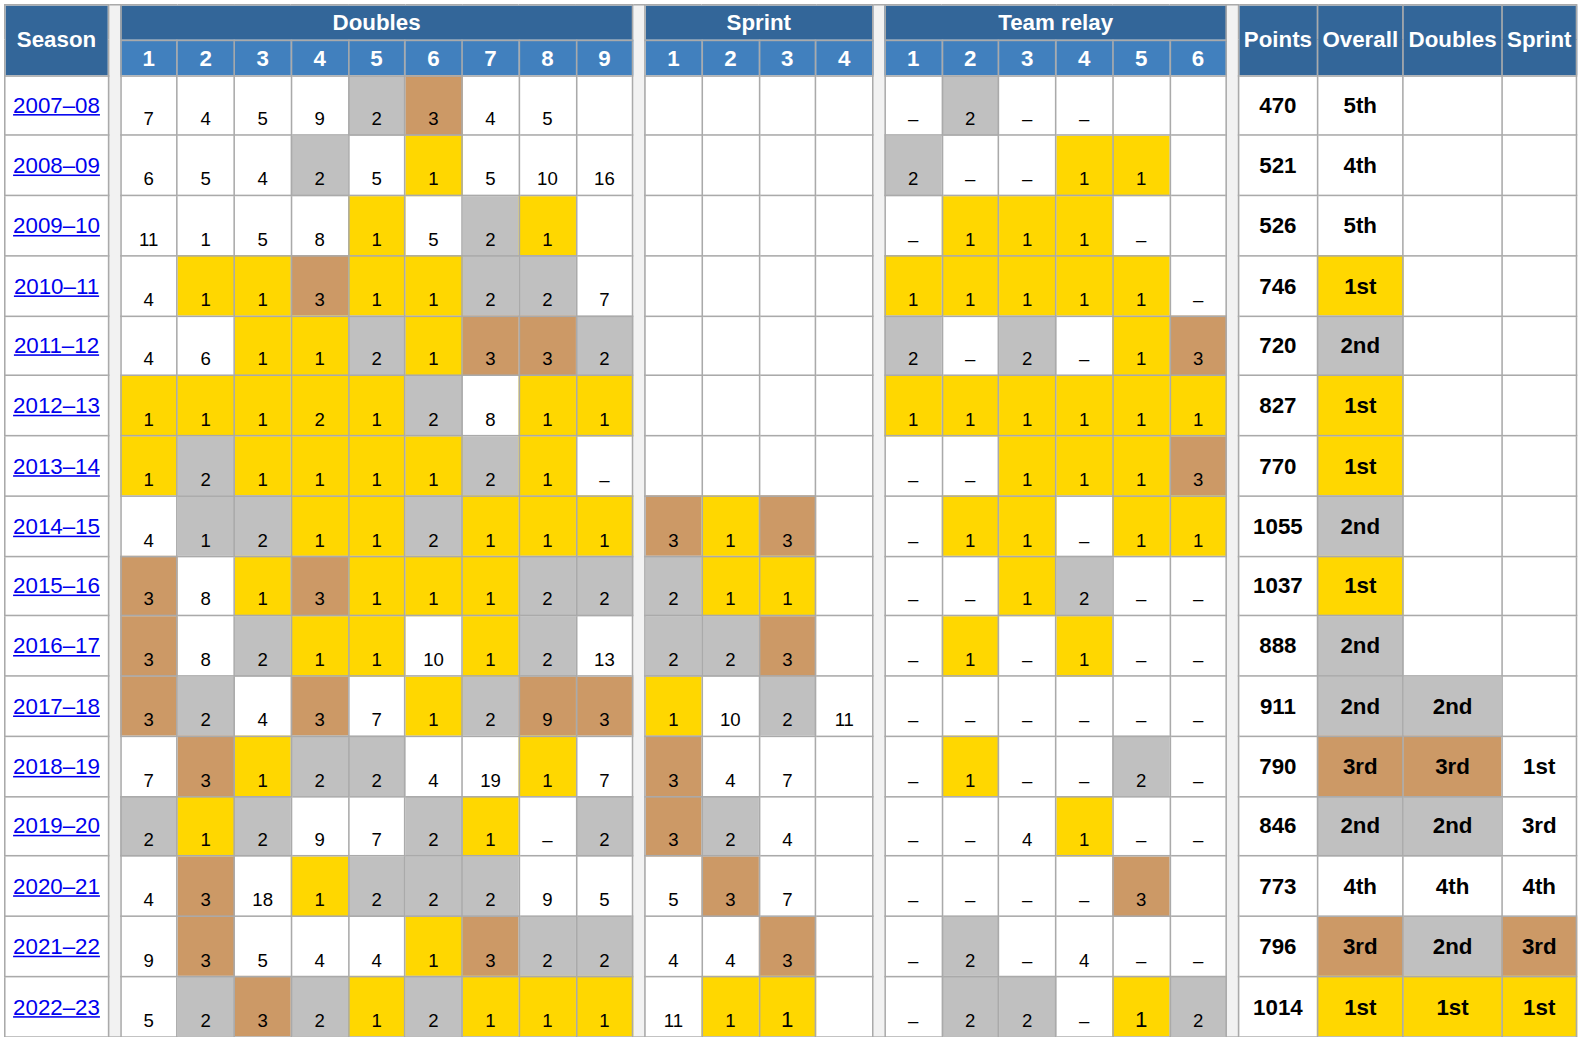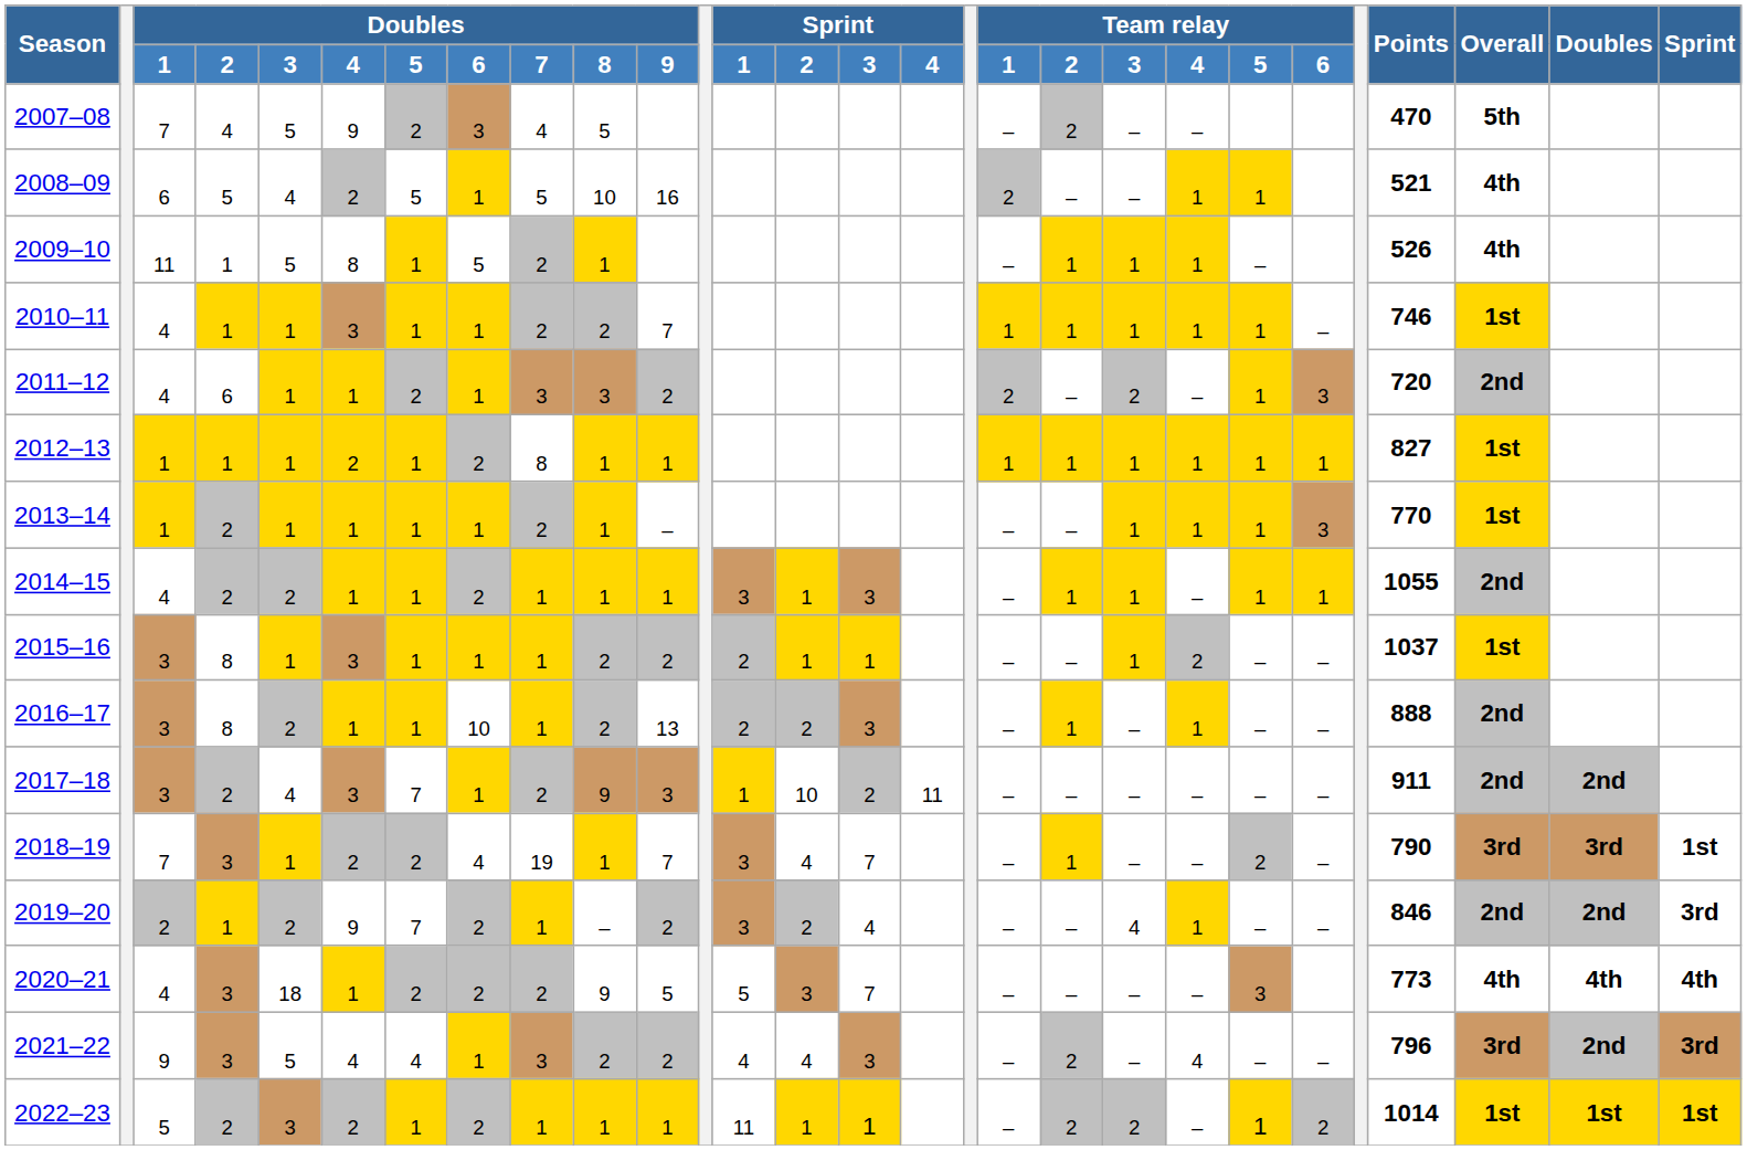 <table class="wikitable" style="font-size:90%; text-align:center; border:grey solid 1px; border-collapse:collapse; background:#ffffff;">
 <tr>
 <th rowspan="2" style="background-color:#369; color:white; width:60px">Season</th>
 <th rowspan="20" width="1px"></th>
 <th colspan="9" style="background-color:#369; color:white;">Doubles</th>
 <th rowspan="20" width="1px"></th>
 <th colspan="4" style="background-color:#369; color:white;">Sprint</th>
 <th rowspan="20" width="1px"></th>
 <th colspan="6" style="background-color:#369; color:white;">Team relay</th>
 <th rowspan="20" width="1px"></th>
 <th rowspan="2" style="background-color:#369; color:white; width:40px">Points</th>
 <th rowspan="2" style="background-color:#369; color:white; width:40px">Overall</th>
 <th rowspan="2" style="background-color:#369; color:white; width:40px">Doubles</th>
 <th rowspan="2" style="background-color:#369; color:white; width:40px">Sprint</th>
 </tr>
 <tr>
 <th style="background-color:#4180be; color:white; width:30px">1</th>
 <th style="background-color:#4180be; color:white; width:30px">2</th>
 <th style="background-color:#4180be; color:white; width:30px">3</th>
 <th style="background-color:#4180be; color:white; width:30px">4</th>
 <th style="background-color:#4180be; color:white; width:30px">5</th>
 <th style="background-color:#4180be; color:white; width:30px">6</th>
 <th style="background-color:#4180be; color:white; width:30px">7</th>
 <th style="background-color:#4180be; color:white; width:30px">8</th>
 <th style="background-color:#4180be; color:white; width:30px">9</th>
 <th style="background-color:#4180be; color:white; width:30px">1</th>
 <th style="background-color:#4180be; color:white; width:30px">2</th>
 <th style="background-color:#4180be; color:white; width:30px">3</th>
 <th style="background-color:#4180be; color:white; width:30px">4</th>
 <th style="background-color:#4180be; color:white; width:30px">1</th>
 <th style="background-color:#4180be; color:white; width:30px">2</th>
 <th style="background-color:#4180be; color:white; width:30px">3</th>
 <th style="background-color:#4180be; color:white; width:30px">4</th>
 <th style="background-color:#4180be; color:white; width:30px">5</th>
 <th style="background-color:#4180be; color:white; width:30px">6</th>
 </tr>
 <tr>
 <td><a href='#'>2007–08</a></td>
 <td><br><small>7</small></td>
 <td><br><small>4</small></td>
 <td><br><small>5</small></td>
 <td><br><small>9</small></td>
 <td style="background:silver;"><br><small>2</small></td>
 <td style="background:#cc9966;"><br><small>3</small></td>
 <td><br><small>4</small></td>
 <td><br><small>5</small></td>
 <td></td>
 <td></td>
 <td></td>
 <td></td>
 <td></td>
 <td><br><small>–</small></td>
 <td style="background:silver;"><br><small>2</small></td>
 <td><br><small>–</small></td>
 <td><br><small>–</small></td>
 <td></td>
 <td></td>
 <td><strong>470</strong></td>
 <td><strong>5th</strong></td>
 <td></td>
 <td></td>
 </tr>
 <tr>
 <td><a href='#'>2008–09</a></td>
 <td><br><small>6</small></td>
 <td><br><small>5</small></td>
 <td><br><small>4</small></td>
 <td style="background:silver;"><br><small>2</small></td>
 <td><br><small>5</small></td>
 <td style="background:gold;"><br><small>1</small></td>
 <td><br><small>5</small></td>
 <td><br><small>10</small></td>
 <td><br><small>16</small></td>
 <td></td>
 <td></td>
 <td></td>
 <td></td>
 <td style="background:silver;"><br><small>2</small></td>
 <td><br><small>–</small></td>
 <td><br><small>–</small></td>
 <td style="background:gold;"><br><small>1</small></td>
 <td style="background:gold;"><br><small>1</small></td>
 <td></td>
 <td><strong>521</strong></td>
 <td><strong>4th</strong></td>
 <td></td>
 <td></td>
 </tr>
 <tr>
 <td><a href='#'>2009–10</a></td>
 <td><br><small>11</small></td>
 <td><br><small>1</small></td>
 <td><br><small>5</small></td>
 <td><br><small>8</small></td>
 <td style="background:gold;"><br><small>1</small></td>
 <td><br><small>5</small></td>
 <td style="background:silver;"><br><small>2</small></td>
 <td style="background:gold;"><br><small>1</small></td>
 <td></td>
 <td></td>
 <td></td>
 <td></td>
 <td></td>
 <td><br><small>–</small></td>
 <td style="background:gold;"><br><small>1</small></td>
 <td style="background:gold;"><br><small>1</small></td>
 <td style="background:gold;"><br><small>1</small></td>
 <td><br><small>–</small></td>
 <td></td>
 <td><strong>526</strong></td>
-<td><strong>5th</strong></td>
+<td><strong>4th</strong></td>
 <td></td>
 <td></td>
 </tr>
 <tr>
 <td><a href='#'>2010–11</a></td>
 <td><br><small>4</small></td>
 <td style="background:gold;"><br><small>1</small></td>
 <td style="background:gold;"><br><small>1</small></td>
 <td style="background:#cc9966;"><br><small>3</small></td>
 <td style="background:gold;"><br><small>1</small></td>
 <td style="background:gold;"><br><small>1</small></td>
 <td style="background:silver;"><br><small>2</small></td>
 <td style="background:silver;"><br><small>2</small></td>
 <td><br><small>7</small></td>
 <td></td>
 <td></td>
 <td></td>
 <td></td>
 <td style="background:gold;"><br><small>1</small></td>
 <td style="background:gold;"><br><small>1</small></td>
 <td style="background:gold;"><br><small>1</small></td>
 <td style="background:gold;"><br><small>1</small></td>
 <td style="background:gold;"><br><small>1</small></td>
 <td><br><small>–</small></td>
 <td><strong>746</strong></td>
 <td style="background:gold;"><strong>1st</strong></td>
 <td></td>
 <td></td>
 </tr>
 <tr>
 <td><a href='#'>2011–12</a></td>
 <td><br><small>4</small></td>
 <td><br><small>6</small></td>
 <td style="background:gold;"><br><small>1</small></td>
 <td style="background:gold;"><br><small>1</small></td>
 <td style="background:silver;"><br><small>2</small></td>
 <td style="background:gold;"><br><small>1</small></td>
 <td style="background:#cc9966;"><br><small>3</small></td>
 <td style="background:#cc9966;"><br><small>3</small></td>
 <td style="background:silver;"><br><small>2</small></td>
 <td></td>
 <td></td>
 <td></td>
 <td></td>
 <td style="background:silver;"><br><small>2</small></td>
 <td><br><small>–</small></td>
 <td style="background:silver;"><br><small>2</small></td>
 <td><br><small>–</small></td>
 <td style="background:gold;"><br><small>1</small></td>
 <td style="background:#CC9966;"><br><small>3</small></td>
 <td><strong>720</strong></td>
 <td style="background:silver;"><strong>2nd</strong></td>
 <td></td>
 <td></td>
 </tr>
 <tr>
 <td><a href='#'>2012–13</a></td>
 <td style="background:gold;"><br><small>1</small></td>
 <td style="background:gold;"><br><small>1</small></td>
 <td style="background:gold;"><br><small>1</small></td>
 <td style="background:gold;"><br><small>2</small></td>
 <td style="background:gold;"><br><small>1</small></td>
 <td style="background:silver;"><br><small>2</small></td>
 <td><br><small>8</small></td>
 <td style="background:gold;"><br><small>1</small></td>
 <td style="background:gold;"><br><small>1</small></td>
 <td></td>
 <td></td>
 <td></td>
 <td></td>
 <td style="background:gold;"><br><small>1</small></td>
 <td style="background:gold;"><br><small>1</small></td>
 <td style="background:gold;"><br><small>1</small></td>
 <td style="background:gold;"><br><small>1</small></td>
 <td style="background:gold;"><br><small>1</small></td>
 <td style="background:gold;"><br><small>1</small></td>
 <td><strong>827</strong></td>
 <td style="background:gold;"><strong>1st</strong></td>
 <td></td>
 <td></td>
 </tr>
 <tr>
 <td><a href='#'>2013–14</a></td>
 <td style="background:gold;"><br><small>1</small></td>
 <td style="background:silver;"><br><small>2</small></td>
 <td style="background:gold;"><br><small>1</small></td>
 <td style="background:gold;"><br><small>1</small></td>
 <td style="background:gold;"><br><small>1</small></td>
 <td style="background:gold;"><br><small>1</small></td>
 <td style="background:silver;"><br><small>2</small></td>
 <td style="background:gold;"><br><small>1</small></td>
 <td><br><small>–</small></td>
 <td></td>
 <td></td>
 <td></td>
 <td></td>
 <td><br><small>–</small></td>
 <td><br><small>–</small></td>
 <td style="background:gold;"><br><small>1</small></td>
 <td style="background:gold;"><br><small>1</small></td>
 <td style="background:gold;"><br><small>1</small></td>
 <td style="background:#CC9966;"><br><small>3</small></td>
 <td><strong>770</strong></td>
 <td style="background:gold;"><strong>1st</strong></td>
 <td></td>
 <td></td>
 </tr>
 <tr>
 <td><a href='#'>2014–15</a></td>
 <td><br><small>4</small></td>
-<td style="background:silver;"><br><small>1</small></td>
+<td style="background:silver;"><br><small>2</small></td>
 <td style="background:silver;"><br><small>2</small></td>
 <td style="background:gold;"><br><small>1</small></td>
 <td style="background:gold;"><br><small>1</small></td>
 <td style="background:silver;"><br><small>2</small></td>
 <td style="background:gold;"><br><small>1</small></td>
 <td style="background:gold;"><br><small>1</small></td>
 <td style="background:gold;"><br><small>1</small></td>
 <td style="background:#CC9966;"><br><small>3</small></td>
 <td style="background:gold;"><br><small>1</small></td>
 <td style="background:#CC9966;"><br><small>3</small></td>
 <td></td>
 <td><br><small>–</small></td>
 <td style="background:gold;"><br><small>1</small></td>
 <td style="background:gold;"><br><small>1</small></td>
 <td><br><small>–</small></td>
 <td style="background:gold;"><br><small>1</small></td>
 <td style="background:gold;"><br><small>1</small></td>
 <td><strong>1055</strong></td>
 <td style="background:silver;"><strong>2nd</strong></td>
 <td></td>
 <td></td>
 </tr>
 <tr>
 <td><a href='#'>2015–16</a></td>
 <td style="background:#CC9966;"><br><small>3</small></td>
 <td><br><small>8</small></td>
 <td style="background:gold;"><br><small>1</small></td>
 <td style="background:#CC9966"><br><small>3</small></td>
 <td style="background:gold;"><br><small>1</small></td>
 <td style="background:gold;"><br><small>1</small></td>
 <td style="background:gold;"><br><small>1</small></td>
 <td style="background:silver;"><br><small>2</small></td>
 <td style="background:silver;"><br><small>2</small></td>
 <td style="background:silver;"><br><small>2</small></td>
 <td style="background:gold;"><br><small>1</small></td>
 <td style="background:gold;"><br><small>1</small></td>
 <td></td>
 <td><br><small>–</small></td>
 <td><br><small>–</small></td>
 <td style="background:gold;"><br><small>1</small></td>
 <td style="background:silver;"><br><small>2</small></td>
 <td><br><small>–</small></td>
 <td><br><small>–</small></td>
 <td><strong>1037</strong></td>
 <td style="background:gold;"><strong>1st</strong></td>
 <td></td>
 <td></td>
 </tr>
 <tr>
 <td><a href='#'>2016–17</a></td>
 <td style="background:#CC9966;"><br><small>3</small></td>
 <td><br><small>8</small></td>
 <td style="background:silver;"><br><small>2</small></td>
 <td style="background:gold;"><br><small>1</small></td>
 <td style="background:gold;"><br><small>1</small></td>
 <td><br><small>10</small></td>
 <td style="background:gold;"><br><small>1</small></td>
 <td style="background:silver;"><br><small>2</small></td>
 <td><br><small>13</small></td>
 <td style="background:silver;"><br><small>2</small></td>
 <td style="background:silver;"><br><small>2</small></td>
 <td style="background:#CC9966;"><br><small>3</small></td>
 <td></td>
 <td><br><small>–</small></td>
 <td style="background:gold;"><br><small>1</small></td>
 <td><br><small>–</small></td>
 <td style="background:gold;"><br><small>1</small></td>
 <td><br><small>–</small></td>
 <td><br><small>–</small></td>
 <td><strong>888</strong></td>
 <td style="background:silver;"><strong>2nd</strong></td>
 <td></td>
 <td></td>
 </tr>
 <tr>
 <td><a href='#'>2017–18</a></td>
 <td style="background:#CC9966;"><br><small>3</small></td>
 <td style="background:silver;"><br><small>2</small></td>
 <td><br><small>4</small></td>
 <td style="background:#CC9966;"><br><small>3</small></td>
 <td><br><small>7</small></td>
 <td style="background:gold;"><br><small>1</small></td>
 <td style="background:silver;"><br><small>2</small></td>
 <td style="background:#cc9966;"><br><small>9</small></td>
 <td style="background:#cc9966;"><br><small>3</small></td>
 <td style="background:gold;"><br><small>1</small></td>
 <td><br><small>10</small></td>
 <td style="background:silver;"><br><small>2</small></td>
 <td><br><small>11</small></td>
 <td><br><small>–</small></td>
 <td><br><small>–</small></td>
 <td><br><small>–</small></td>
 <td><br><small>–</small></td>
 <td><br><small>–</small></td>
 <td><br><small>–</small></td>
 <td><strong>911</strong></td>
 <td style="background:silver;"><strong>2nd</strong></td>
 <td style="background:silver;"><strong>2nd</strong></td>
 <td></td>
 </tr>
 <tr>
 <td><a href='#'>2018–19</a></td>
 <td><br><small>7</small></td>
 <td style="background:#cc9966;"><br><small>3</small></td>
 <td style="background:gold;"><br><small>1</small></td>
 <td style="background:silver;"><br><small>2</small></td>
 <td style="background:silver;"><br><small>2</small></td>
 <td><br><small>4</small></td>
 <td><br><small>19</small></td>
 <td style="background:gold;"><br><small>1</small></td>
 <td><br><small>7</small></td>
 <td style="background:#cc9966;"><br><small>3</small></td>
 <td><br><small>4</small></td>
 <td><br><small>7</small></td>
 <td></td>
 <td><br><small>–</small></td>
 <td style="background:gold;"><br><small>1</small></td>
 <td><br><small>–</small></td>
 <td><br><small>–</small></td>
 <td style="background:silver;"><br><small>2</small></td>
 <td><br><small>–</small></td>
 <td><strong>790</strong></td>
 <td style="background:#cc9966;"><strong>3rd</strong></td>
 <td style="background:#cc9966;"><strong>3rd</strong></td>
 <td><strong>1st</strong></td>
 </tr>
 <tr>
 <td><a href='#'>2019–20</a></td>
 <td style="background:silver;"><br><small>2</small></td>
 <td style="background:gold;"><br><small>1</small></td>
 <td style="background:silver;"><br><small>2</small></td>
 <td><br><small>9</small></td>
 <td><br><small>7</small></td>
 <td style="background:silver;"><br><small>2</small></td>
 <td style="background:gold;"><br><small>1</small></td>
 <td><br><small>–</small></td>
 <td style="background:silver;"><br><small>2</small></td>
 <td style="background:#cc9966;"><br><small>3</small></td>
 <td style="background:silver;"><br><small>2</small></td>
 <td><br><small>4</small></td>
 <td></td>
 <td><br><small>–</small></td>
 <td><br><small>–</small></td>
 <td><br><small>4</small></td>
 <td style="background:gold;"><br><small>1</small></td>
 <td><br><small>–</small></td>
 <td><br><small>–</small></td>
 <td><strong>846</strong></td>
 <td style="background:silver;"><strong>2nd</strong></td>
 <td style="background:silver;"><strong>2nd</strong></td>
 <td><strong>3rd</strong></td>
 </tr>
 <tr>
 <td><a href='#'>2020–21</a></td>
 <td><br><small>4</small></td>
 <td style="background:#cc9966;"><br><small>3</small></td>
 <td><br><small>18</small></td>
 <td style="background:gold;"><br><small>1</small></td>
 <td style="background:silver;"><br><small>2</small></td>
 <td style="background:silver;"><br><small>2</small></td>
 <td style="background:silver;"><br><small>2</small></td>
 <td><br><small>9</small></td>
 <td><br><small>5</small></td>
 <td><br><small>5</small></td>
 <td style="background:#cc9966;"><br><small>3</small></td>
 <td><br><small>7</small></td>
 <td></td>
 <td><br><small>–</small></td>
 <td><br><small>–</small></td>
 <td><br><small>–</small></td>
 <td><br><small>–</small></td>
 <td style="background:#cc9966;"><br><small>3</small></td>
 <td><br><small></small></td>
 <td><strong>773</strong></td>
 <td><strong>4th</strong></td>
 <td><strong>4th</strong></td>
 <td><strong>4th</strong></td>
 </tr>
 <tr>
 <td><a href='#'>2021–22</a></td>
 <td><br><small>9</small></td>
 <td style="background:#cc9966;"><br><small>3</small></td>
 <td><br><small>5</small></td>
 <td><br><small>4</small></td>
 <td><br><small>4</small></td>
 <td style="background:gold;"><br><small>1</small></td>
 <td style="background:#cc9966;"><br><small>3</small></td>
 <td style="background:silver;"><br><small>2</small></td>
 <td style="background:silver;"><br><small>2</small></td>
 <td><br><small>4</small></td>
 <td><br><small>4</small></td>
 <td style="background:#cc9966;"><br><small>3</small></td>
 <td></td>
 <td><br><small>–</small></td>
 <td style="background:silver;"><br><small>2</small></td>
 <td><br><small>–</small></td>
 <td><br><small>4</small></td>
 <td><br><small>–</small></td>
 <td><br><small>–</small></td>
 <td><strong>796</strong></td>
 <td style="background:#cc9966;"><strong>3rd</strong></td>
 <td style="background:silver;"><strong>2nd</strong></td>
 <td style="background:#cc9966;"><strong>3rd</strong></td>
 </tr>
 <tr>
 <td><a href='#'>2022–23</a></td>
 <td><br><small>5</small></td>
 <td style="background:silver;"><br><small>2</small></td>
 <td style="background:#cc9966;"><br><small>3</small></td>
 <td style="background:silver;"><br><small>2</small></td>
 <td style="background:gold;"><br><small>1</small></td>
 <td style="background:silver;"><br><small>2</small></td>
 <td style="background:gold;"><br><small>1</small></td>
 <td style="background:gold;"><br><small>1</small></td>
 <td style="background:gold;"><br><small>1</small></td>
 <td><br><small>11</small></td>
 <td style="background:gold;"><br><small>1</small></td>
 <td style="background:gold;"><br>1<small> </small></td>
 <td></td>
 <td><br><small>–</small></td>
 <td style="background:silver;"><br><small>2</small></td>
 <td style="background:silver;"><br><small>2</small></td>
 <td><br><small>–</small></td>
 <td style="background:gold;"><br>1<small> </small></td>
 <td style="background:silver;"><br><small>2</small></td>
 <td><strong>1014</strong></td>
 <td style="background:gold;"><strong>1st</strong></td>
 <td style="background:gold;"><strong>1st</strong></td>
 <td style="background:gold;"><strong>1st</strong></td>
 </tr>
 </table>
